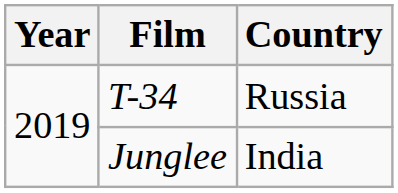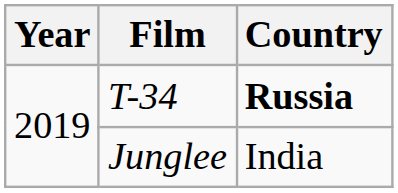 <table class="wikitable sortable plainrowheaders">
 <tr>
 <th>Year</th>
 <th>Film</th>
 <th>Country</th>
 </tr>
 <tr>
 <td rowspan="2">2019</td>
 <td><em>T-34</em></td>
-<td>Russia</td>
+<td><strong>Russia</strong></td>
 </tr>
 <tr>
 <td><em>Junglee</em></td>
 <td>India</td>
 </tr>
 </table>
